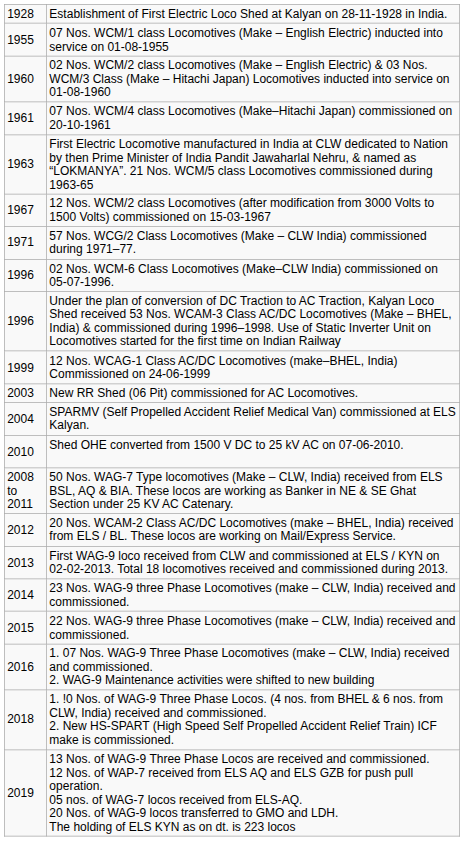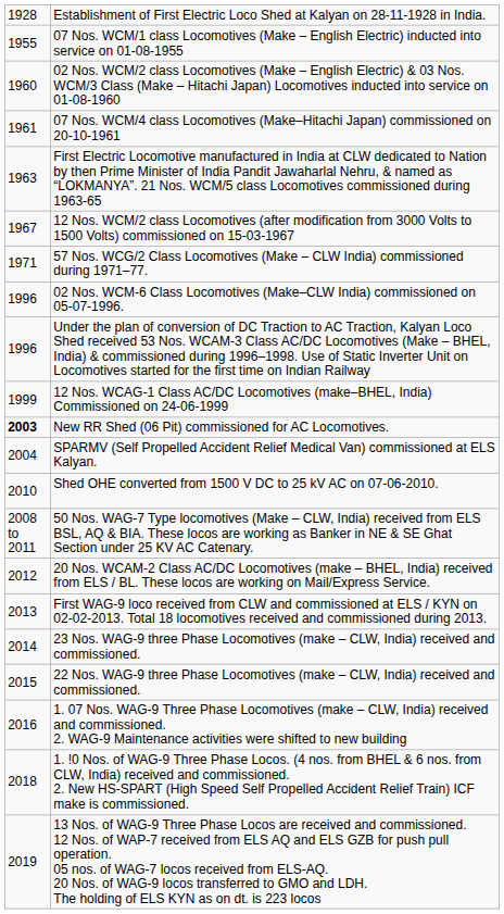 <table class="wikitable">
 <tr>
 <td>1928</td>
 <td>Establishment of First Electric Loco Shed at Kalyan on 28-11-1928 in India.</td>
 </tr>
 <tr>
 <td>1955</td>
 <td>07 Nos. WCM/1 class Locomotives  (Make – English Electric) inducted into service on 01-08-1955</td>
 </tr>
 <tr>
 <td>1960</td>
 <td>02 Nos. WCM/2 class Locomotives  (Make – English Electric) & 03 Nos. WCM/3 Class (Make – Hitachi Japan)  Locomotives inducted into service on 01-08-1960</td>
 </tr>
 <tr>
 <td>1961</td>
 <td>07 Nos. WCM/4 class Locomotives  (Make–Hitachi Japan) commissioned on 20-10-1961</td>
 </tr>
 <tr>
 <td>1963</td>
 <td>First Electric Locomotive manufactured in India at CLW dedicated to Nation by then Prime Minister of India Pandit Jawaharlal Nehru, & named as “LOKMANYA”.  21 Nos. WCM/5 class Locomotives commissioned during    1963-65</td>
 </tr>
 <tr>
 <td>1967</td>
 <td>12 Nos. WCM/2 class Locomotives  (after modification from 3000 Volts to 1500 Volts) commissioned on 15-03-1967</td>
 </tr>
 <tr>
 <td>1971</td>
 <td>57 Nos. WCG/2 Class Locomotives  (Make – CLW India) commissioned during 1971–77.</td>
 </tr>
 <tr>
 <td>1996</td>
 <td>02 Nos. WCM-6 Class Locomotives  (Make–CLW India) commissioned on 05-07-1996.</td>
 </tr>
 <tr>
 <td>1996</td>
 <td>Under the plan of conversion of DC Traction to AC Traction, Kalyan Loco Shed received 53 Nos. WCAM-3 Class AC/DC Locomotives (Make – BHEL, India) & commissioned during 1996–1998. Use of Static Inverter Unit on Locomotives started for the first time on Indian Railway</td>
 </tr>
 <tr>
 <td>1999</td>
 <td>12 Nos. WCAG-1 Class AC/DC Locomotives (make–BHEL, India) Commissioned on 24-06-1999</td>
 </tr>
 <tr>
-<td>2003</td>
+<td><strong>2003</strong></td>
 <td>New RR Shed (06 Pit) commissioned for AC Locomotives.</td>
 </tr>
 <tr>
 <td>2004</td>
 <td>SPARMV (Self Propelled Accident Relief Medical Van) commissioned at ELS Kalyan.</td>
 </tr>
 <tr>
 <td>2010</td>
 <td>Shed OHE converted from 1500 V DC to 25 kV AC on 07-06-2010.<br><br></td>
 </tr>
 <tr>
 <td>2008 to 2011</td>
 <td>50 Nos. WAG-7 Type locomotives  (Make – CLW, India) received from ELS BSL, AQ & BIA. These locos are working as Banker in NE & SE Ghat Section under 25 KV AC Catenary.</td>
 </tr>
 <tr>
 <td>2012</td>
 <td>20 Nos. WCAM-2 Class AC/DC Locomotives (make – BHEL, India) received from  ELS / BL. These locos are working on Mail/Express Service.</td>
 </tr>
 <tr>
 <td>2013</td>
 <td>First WAG-9 loco received from CLW and commissioned at ELS / KYN on 02-02-2013. Total 18 locomotives received and commissioned during 2013.</td>
 </tr>
 <tr>
 <td>2014</td>
 <td>23 Nos. WAG-9 three Phase Locomotives (make – CLW, India) received and commissioned.</td>
 </tr>
 <tr>
 <td>2015</td>
 <td>22 Nos. WAG-9 three Phase Locomotives (make – CLW, India) received and commissioned.</td>
 </tr>
 <tr>
 <td>2016</td>
 <td>1. 07 Nos. WAG-9 Three Phase Locomotives (make – CLW, India) received and commissioned.<br>2.  WAG-9 Maintenance activities were shifted to new building</td>
 </tr>
 <tr>
 <td>2018</td>
 <td>1. !0 Nos. of WAG-9 Three Phase Locos. (4 nos. from BHEL & 6 nos. from CLW, India) received and commissioned.<br>2.  New HS-SPART  (High Speed Self Propelled Accident Relief Train) ICF make is commissioned.</td>
 </tr>
 <tr>
 <td>2019</td>
 <td>13 Nos. of WAG-9 Three Phase Locos are received and commissioned.<br>12 Nos. of WAP-7 received from ELS AQ and ELS GZB for push pull operation.<br>05 nos. of WAG-7 locos received from ELS-AQ.<br>20 Nos. of WAG-9 locos transferred to GMO and LDH.<br>The holding of ELS KYN as on dt. is 223  locos</td>
 </tr>
 </table>
